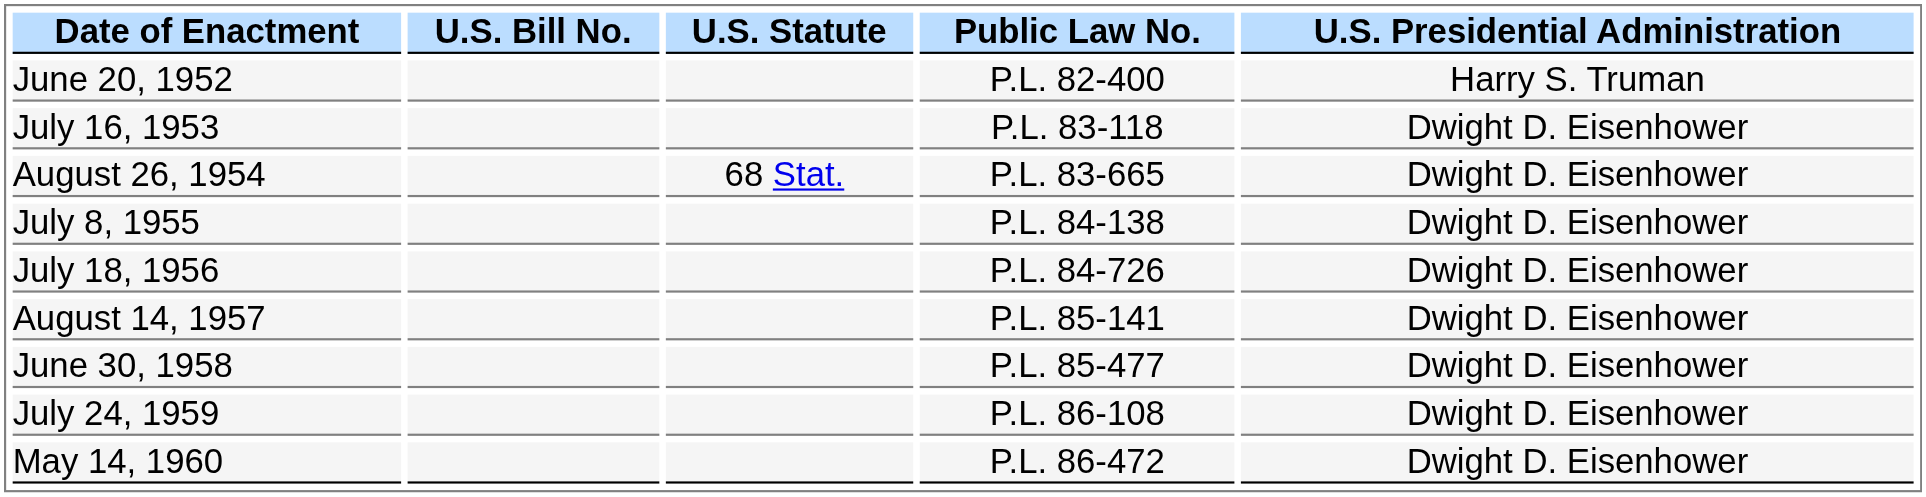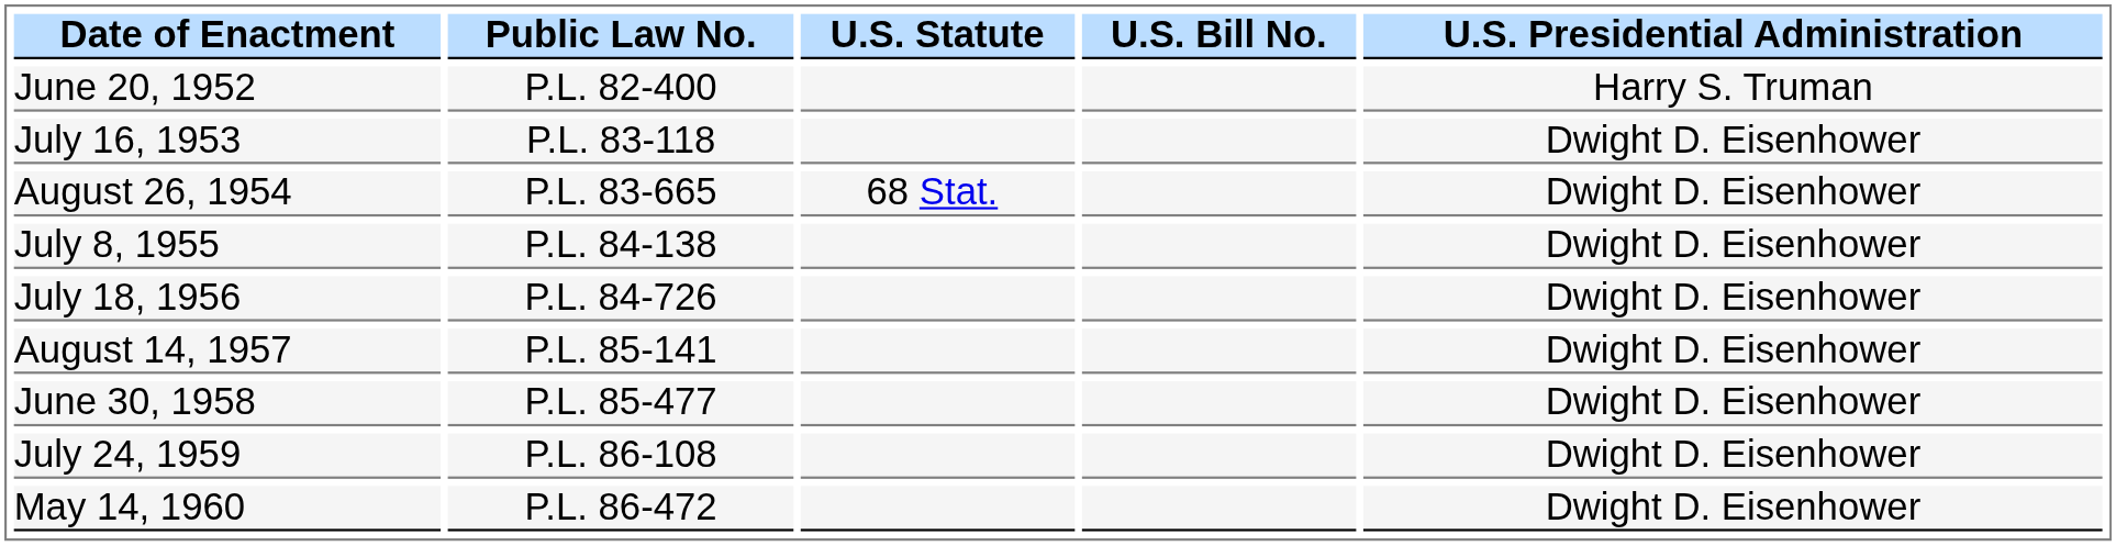 <table style="border:1px solid gray; align:left; width:100%" cellspacing=3 cellpadding=0>
 <tr style="font-weight:bold; text-align:center; background:#bbddff; color:black;">
 <th style=" border-bottom:1.5px solid black">Date of Enactment</th>
+<th style=" border-bottom:1.5px solid black">Public Law No.</th>
+<th style=" border-bottom:1.5px solid black">U.S. Statute</th>
 <th style=" border-bottom:1.5px solid black">U.S. Bill No.</th>
-<th style=" border-bottom:1.5px solid black">U.S. Statute</th>
-<th style=" border-bottom:1.5px solid black">Public Law No.</th>
 <th style=" border-bottom:1.5px solid black">U.S. Presidential Administration</th>
 </tr>
 <tr>
 <td style="border-bottom:1px solid gray; background:#F5F5F5;">June 20, 1952</td>
+<td style="border-bottom:1px solid gray; background:#F5F5F5; text-align:center;">P.L. 82-400</td>
 <td style="border-bottom:1px solid gray; background:#F5F5F5; text-align:center;"></td>
 <td style="border-bottom:1px solid gray; background:#F5F5F5; text-align:center;"></td>
-<td style="border-bottom:1px solid gray; background:#F5F5F5; text-align:center;">P.L. 82-400</td>
 <td style="border-bottom:1px solid gray; background:#F5F5F5; text-align:center;">Harry S. Truman</td>
 </tr>
 <tr>
 <td style="border-bottom:1px solid gray; background:#F5F5F5;">July 16, 1953</td>
+<td style="border-bottom:1px solid gray; background:#F5F5F5; text-align:center;">P.L. 83-118</td>
 <td style="border-bottom:1px solid gray; background:#F5F5F5; text-align:center;"></td>
 <td style="border-bottom:1px solid gray; background:#F5F5F5; text-align:center;"></td>
-<td style="border-bottom:1px solid gray; background:#F5F5F5; text-align:center;">P.L. 83-118</td>
 <td style="border-bottom:1px solid gray; background:#F5F5F5; text-align:center;">Dwight D. Eisenhower</td>
 </tr>
 <tr>
 <td style="border-bottom:1px solid gray; background:#F5F5F5;">August 26, 1954</td>
+<td style="border-bottom:1px solid gray; background:#F5F5F5; text-align:center;">P.L. 83-665</td>
+<td style="border-bottom:1px solid gray; background:#F5F5F5; text-align:center;">68 <a href='#'>Stat.</a> </td>
 <td style="border-bottom:1px solid gray; background:#F5F5F5; text-align:center;"></td>
-<td style="border-bottom:1px solid gray; background:#F5F5F5; text-align:center;">68 <a href='#'>Stat.</a> </td>
-<td style="border-bottom:1px solid gray; background:#F5F5F5; text-align:center;">P.L. 83-665</td>
 <td style="border-bottom:1px solid gray; background:#F5F5F5; text-align:center;">Dwight D. Eisenhower</td>
 </tr>
 <tr>
 <td style="border-bottom:1px solid gray; background:#F5F5F5;">July 8, 1955</td>
+<td style="border-bottom:1px solid gray; background:#F5F5F5; text-align:center;">P.L. 84-138</td>
 <td style="border-bottom:1px solid gray; background:#F5F5F5; text-align:center;"></td>
 <td style="border-bottom:1px solid gray; background:#F5F5F5; text-align:center;"></td>
-<td style="border-bottom:1px solid gray; background:#F5F5F5; text-align:center;">P.L. 84-138</td>
 <td style="border-bottom:1px solid gray; background:#F5F5F5; text-align:center;">Dwight D. Eisenhower</td>
 </tr>
 <tr>
 <td style="border-bottom:1px solid gray; background:#F5F5F5;">July 18, 1956</td>
+<td style="border-bottom:1px solid gray; background:#F5F5F5; text-align:center;">P.L. 84-726</td>
 <td style="border-bottom:1px solid gray; background:#F5F5F5; text-align:center;"></td>
 <td style="border-bottom:1px solid gray; background:#F5F5F5; text-align:center;"></td>
-<td style="border-bottom:1px solid gray; background:#F5F5F5; text-align:center;">P.L. 84-726</td>
 <td style="border-bottom:1px solid gray; background:#F5F5F5; text-align:center;">Dwight D. Eisenhower</td>
 </tr>
 <tr>
 <td style="border-bottom:1px solid gray; background:#F5F5F5;">August 14, 1957</td>
+<td style="border-bottom:1px solid gray; background:#F5F5F5; text-align:center;">P.L. 85-141</td>
 <td style="border-bottom:1px solid gray; background:#F5F5F5; text-align:center;"></td>
 <td style="border-bottom:1px solid gray; background:#F5F5F5; text-align:center;"></td>
-<td style="border-bottom:1px solid gray; background:#F5F5F5; text-align:center;">P.L. 85-141</td>
 <td style="border-bottom:1px solid gray; background:#F5F5F5; text-align:center;">Dwight D. Eisenhower</td>
 </tr>
 <tr>
 <td style="border-bottom:1px solid gray; background:#F5F5F5;">June 30, 1958</td>
+<td style="border-bottom:1px solid gray; background:#F5F5F5; text-align:center;">P.L. 85-477</td>
 <td style="border-bottom:1px solid gray; background:#F5F5F5; text-align:center;"></td>
 <td style="border-bottom:1px solid gray; background:#F5F5F5; text-align:center;"></td>
-<td style="border-bottom:1px solid gray; background:#F5F5F5; text-align:center;">P.L. 85-477</td>
 <td style="border-bottom:1px solid gray; background:#F5F5F5; text-align:center;">Dwight D. Eisenhower</td>
 </tr>
 <tr>
 <td style="border-bottom:1px solid gray; background:#F5F5F5;">July 24, 1959</td>
+<td style="border-bottom:1px solid gray; background:#F5F5F5; text-align:center;">P.L. 86-108</td>
 <td style="border-bottom:1px solid gray; background:#F5F5F5; text-align:center;"></td>
 <td style="border-bottom:1px solid gray; background:#F5F5F5; text-align:center;"></td>
-<td style="border-bottom:1px solid gray; background:#F5F5F5; text-align:center;">P.L. 86-108</td>
 <td style="border-bottom:1px solid gray; background:#F5F5F5; text-align:center;">Dwight D. Eisenhower</td>
 </tr>
 <tr>
 <td style="border-bottom:1.5px solid black; background:#F5F5F5;">May 14, 1960</td>
+<td style="border-bottom:1.5px solid black; background:#F5F5F5; text-align:center;">P.L. 86-472</td>
 <td style="border-bottom:1.5px solid black; background:#F5F5F5; text-align:center;"></td>
 <td style="border-bottom:1.5px solid black; background:#F5F5F5; text-align:center;"></td>
-<td style="border-bottom:1.5px solid black; background:#F5F5F5; text-align:center;">P.L. 86-472</td>
 <td style="border-bottom:1.5px solid black; background:#F5F5F5; text-align:center;">Dwight D. Eisenhower</td>
 </tr>
 </table>
